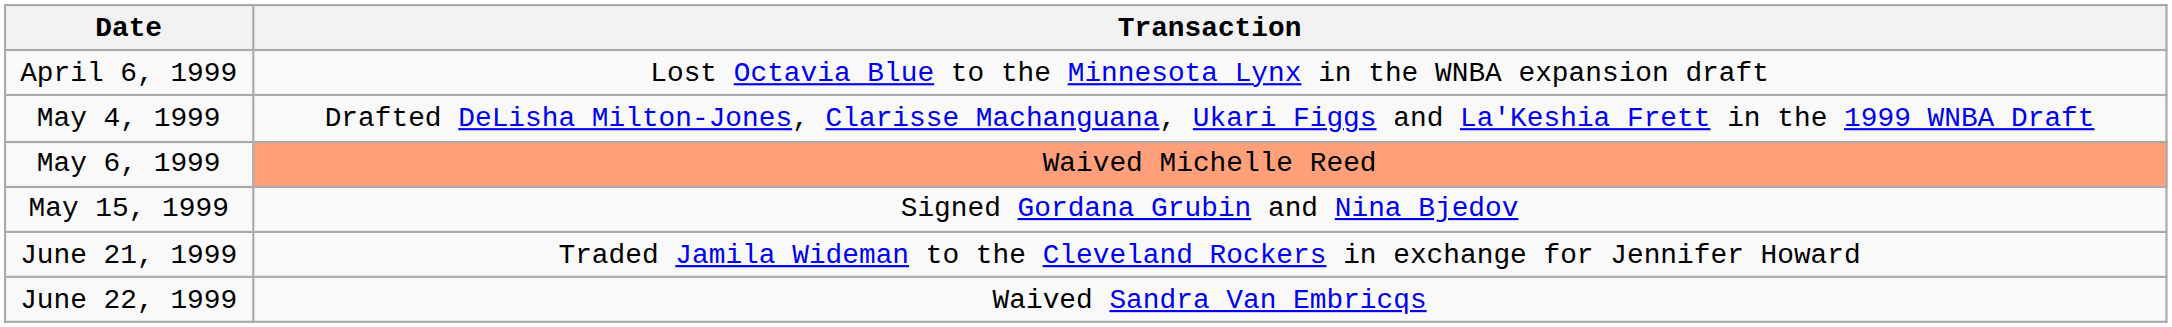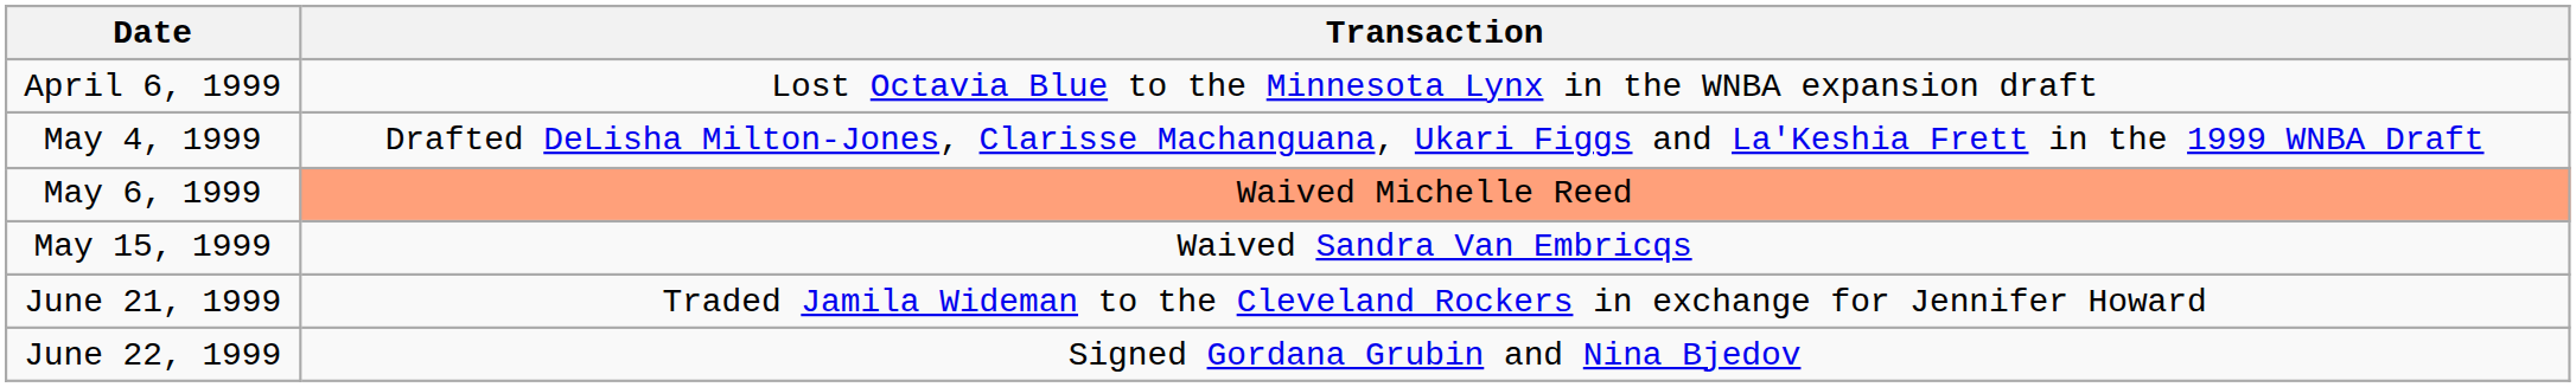 <table class="wikitable" style="width:80%; text-align: center;">
 <tr>
 <th>Date</th>
 <th>Transaction</th>
 </tr>
 <tr>
 <td>April 6, 1999</td>
 <td>Lost <a href='#'>Octavia Blue</a> to the <a href='#'>Minnesota Lynx</a> in the WNBA expansion draft</td>
 </tr>
 <tr>
 <td>May 4, 1999</td>
 <td>Drafted <a href='#'>DeLisha Milton-Jones</a>, <a href='#'>Clarisse Machanguana</a>, <a href='#'>Ukari Figgs</a> and <a href='#'>La'Keshia Frett</a> in the <a href='#'>1999 WNBA Draft</a></td>
 </tr>
 <tr>
 <td>May 6, 1999</td>
 <td style="background: lightsalmon;">Waived Michelle Reed</td>
 </tr>
 <tr>
 <td>May 15, 1999</td>
-<td>Signed <a href='#'>Gordana Grubin</a> and <a href='#'>Nina Bjedov</a></td>
+<td>Waived <a href='#'>Sandra Van Embricqs</a></td>
 </tr>
 <tr>
 <td>June 21, 1999</td>
 <td>Traded <a href='#'>Jamila Wideman</a> to the <a href='#'>Cleveland Rockers</a> in exchange for Jennifer Howard</td>
 </tr>
 <tr>
 <td>June 22, 1999</td>
-<td>Waived <a href='#'>Sandra Van Embricqs</a></td>
+<td>Signed <a href='#'>Gordana Grubin</a> and <a href='#'>Nina Bjedov</a></td>
 </tr>
 </table>
